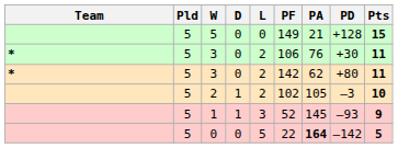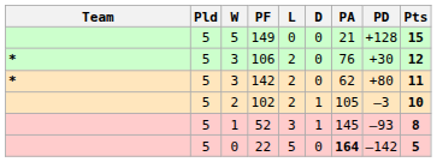 <table class="wikitable" style="text-align:center;">
 <tr>
 <th width=175>Team</th>
 <th width=20 abbr="Played">Pld</th>
 <th width=20 abbr="Won">W</th>
+<th width=20 abbr="Points for">PF</th>
+<th width=20 abbr="Lost">L</th>
 <th width=20 abbr="Drawn">D</th>
-<th width=20 abbr="Lost">L</th>
-<th width=20 abbr="Points for">PF</th>
 <th width=20 abbr="Points against">PA</th>
 <th width=25 abbr="Points difference">PD</th>
 <th width=20 abbr="Points">Pts</th>
 </tr>
 <tr style="background:#ccffcc">
 <td align=left></td>
 <td>5</td>
 <td>5</td>
+<td>149</td>
 <td>0</td>
 <td>0</td>
-<td>149</td>
 <td>21</td>
 <td>+128</td>
 <td><strong>15</strong></td>
 </tr>
 <tr style="background:#ccffcc">
 <td align=left><strong>*</strong></td>
 <td>5</td>
 <td>3</td>
+<td>106</td>
+<td>2</td>
 <td>0</td>
-<td>2</td>
-<td>106</td>
 <td>76</td>
 <td>+30</td>
-<td><strong>11</strong></td>
+<td><strong>12</strong></td>
 </tr>
 <tr style="background:#ffe6bd">
 <td align=left><strong>*</strong></td>
 <td>5</td>
 <td>3</td>
+<td>142</td>
+<td>2</td>
 <td>0</td>
-<td>2</td>
-<td>142</td>
 <td>62</td>
 <td>+80</td>
 <td><strong>11</strong></td>
 </tr>
 <tr style="background:#ffe6bd">
 <td align=left></td>
 <td>5</td>
 <td>2</td>
+<td>102</td>
+<td>2</td>
 <td>1</td>
-<td>2</td>
-<td>102</td>
 <td>105</td>
 <td>–3</td>
 <td><strong>10</strong></td>
 </tr>
 <tr style="background:#fcc">
 <td align=left></td>
 <td>5</td>
 <td>1</td>
+<td>52</td>
+<td>3</td>
 <td>1</td>
-<td>3</td>
-<td>52</td>
 <td>145</td>
 <td>–93</td>
-<td><strong>9</strong></td>
+<td><strong>8</strong></td>
 </tr>
 <tr style="background:#fcc">
 <td align=left></td>
 <td>5</td>
 <td>0</td>
+<td>22</td>
+<td>5</td>
 <td>0</td>
-<td>5</td>
-<td>22</td>
 <td><strong>164</strong></td>
 <td>–142</td>
 <td><strong>5</strong></td>
 </tr>
 </table>
